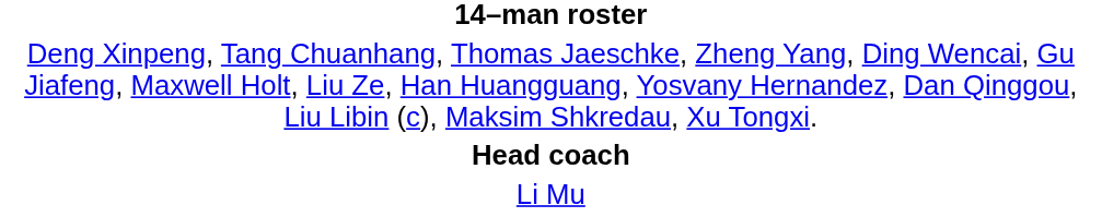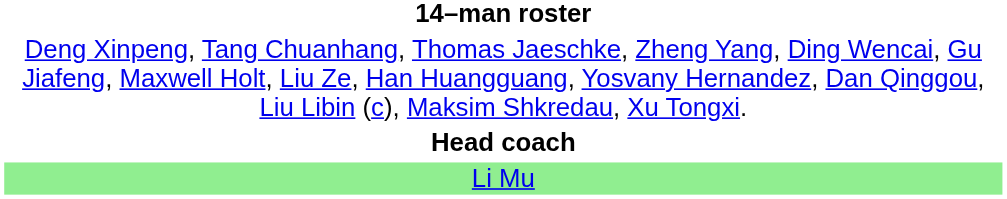 <table style="text-align:center; margin-top:2em; margin-left:auto; margin-right:auto">
 <tr>
 <td><strong>14–man roster</strong></td>
 </tr>
 <tr>
 <td><a href='#'>Deng Xinpeng</a>, <a href='#'>Tang Chuanhang</a>, <a href='#'>Thomas Jaeschke</a>, <a href='#'>Zheng Yang</a>, <a href='#'>Ding Wencai</a>, <a href='#'>Gu Jiafeng</a>, <a href='#'>Maxwell Holt</a>, <a href='#'>Liu Ze</a>, <a href='#'>Han Huangguang</a>, <a href='#'>Yosvany Hernandez</a>, <a href='#'>Dan Qinggou</a>, <a href='#'>Liu Libin</a> (<a href='#'>c</a>), <a href='#'>Maksim Shkredau</a>, <a href='#'>Xu Tongxi</a>.</td>
 </tr>
 <tr>
 <td><strong>Head coach</strong></td>
 </tr>
 <tr>
-<td><a href='#'>Li Mu</a></td>
+<td style="background: lightgreen;"><a href='#'>Li Mu</a></td>
 </tr>
 </table>
